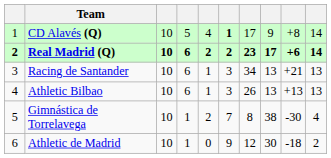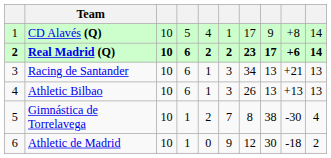 <table class="wikitable" style="text-align: center;">
 <tr>
 <th width=20></th>
 <th width=165>Team</th>
 <th width=20></th>
 <th width=20></th>
 <th width=20></th>
 <th width=20></th>
 <th width=20></th>
 <th width=20></th>
 <th width=20></th>
 <th width=20></th>
 </tr>
 <tr bgcolor="#CCFFCC">
 <td>1</td>
 <td align=left><a href='#'>CD Alavés</a> <strong>(Q)</strong></td>
 <td>10</td>
 <td>5</td>
 <td>4</td>
-<td><strong>1</strong></td>
+<td>1</td>
 <td>17</td>
 <td>9</td>
 <td>+8</td>
 <td>14</td>
 </tr>
 <tr bgcolor="#CCFFCC">
 <td><strong>2</strong></td>
 <td align=left><strong><a href='#'>Real Madrid</a> (Q)</strong></td>
 <td><strong>10</strong></td>
 <td><strong>6</strong></td>
 <td><strong>2</strong></td>
 <td><strong>2</strong></td>
 <td><strong>23</strong></td>
 <td><strong>17</strong></td>
 <td><strong>+6</strong></td>
 <td><strong>14</strong></td>
 </tr>
 <tr>
 <td>3</td>
 <td align=left><a href='#'>Racing de Santander</a></td>
 <td>10</td>
 <td>6</td>
 <td>1</td>
 <td>3</td>
 <td>34</td>
 <td>13</td>
 <td>+21</td>
 <td>13</td>
 </tr>
 <tr>
 <td>4</td>
 <td align=left><a href='#'>Athletic Bilbao</a></td>
 <td>10</td>
 <td>6</td>
 <td>1</td>
 <td>3</td>
 <td>26</td>
 <td>13</td>
 <td>+13</td>
 <td>13</td>
 </tr>
 <tr>
 <td>5</td>
 <td align=left><a href='#'>Gimnástica de Torrelavega</a></td>
 <td>10</td>
 <td>1</td>
 <td>2</td>
 <td>7</td>
 <td>8</td>
 <td>38</td>
 <td>-30</td>
 <td>4</td>
 </tr>
 <tr>
 <td>6</td>
 <td align=left><a href='#'>Athletic de Madrid</a></td>
 <td>10</td>
 <td>1</td>
 <td>0</td>
 <td>9</td>
 <td>12</td>
 <td>30</td>
 <td>-18</td>
 <td>2</td>
 </tr>
 </table>
